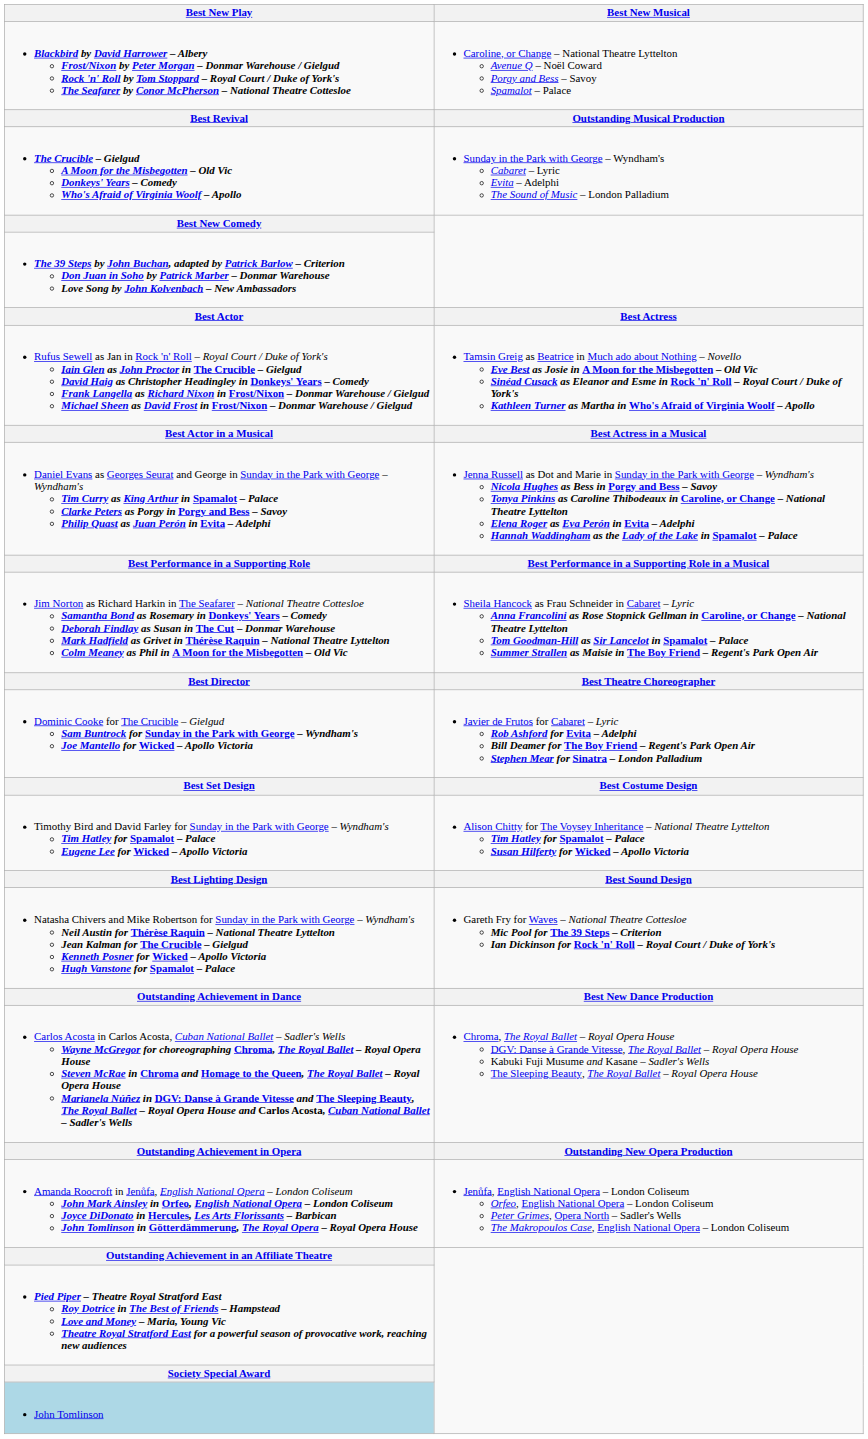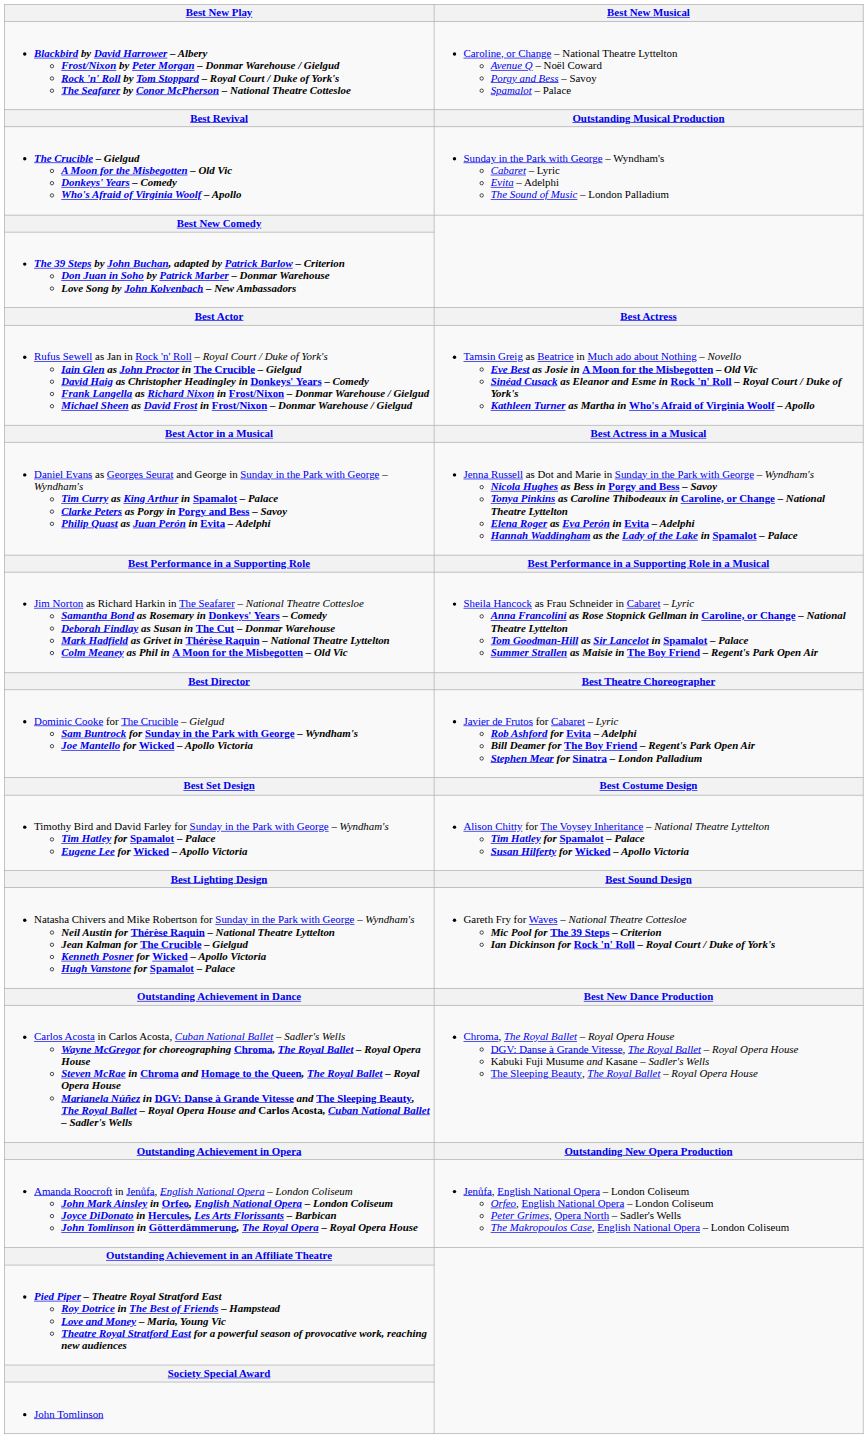 <table class=wikitable width="100%">
 <tr>
 <th width="50%"><a href='#'>Best New Play</a></th>
 <th width="50%"><a href='#'>Best New Musical</a></th>
 </tr>
 <tr>
 <td valign="top"><br><ul><li><strong><em><a href='#'>Blackbird</a><em> by <a href='#'>David Harrower</a> – Albery<strong><ul><li></em><a href='#'>Frost/Nixon</a><em> by <a href='#'>Peter Morgan</a> – Donmar Warehouse / Gielgud</li><li></em><a href='#'>Rock 'n' Roll</a><em> by <a href='#'>Tom Stoppard</a> – Royal Court / Duke of York's</li><li></em><a href='#'>The Seafarer</a><em> by <a href='#'>Conor McPherson</a> – National Theatre Cottesloe</li></ul></li></ul></td>
 <td valign="top"><br><ul><li></em></strong><a href='#'>Caroline, or Change</a></em> – National Theatre Lyttelton</strong><ul><li><em><a href='#'>Avenue Q</a></em> – Noël Coward</li><li><em><a href='#'>Porgy and Bess</a></em> – Savoy</li><li><em><a href='#'>Spamalot</a></em> – Palace</li></ul></li></ul></td>
 </tr>
 <tr>
 <th width="50%"><a href='#'>Best Revival</a></th>
 <th width="50%"><a href='#'>Outstanding Musical Production</a></th>
 </tr>
 <tr>
 <td valign="top"><br><ul><li><strong><em><a href='#'>The Crucible</a><em> – Gielgud<strong><ul><li></em><a href='#'>A Moon for the Misbegotten</a><em> – Old Vic</li><li></em><a href='#'>Donkeys' Years</a><em> – Comedy</li><li></em><a href='#'>Who's Afraid of Virginia Woolf</a><em> – Apollo</li></ul></li></ul></td>
 <td valign="top"><br><ul><li></em></strong><a href='#'>Sunday in the Park with George</a></em> – Wyndham's</strong><ul><li><em><a href='#'>Cabaret</a></em> – Lyric</li><li><em><a href='#'>Evita</a></em> – Adelphi</li><li><em><a href='#'>The Sound of Music</a></em> – London Palladium</li></ul></li></ul></td>
 </tr>
 <tr>
 <th colspan=1><a href='#'>Best New Comedy</a></th>
 </tr>
 <tr>
 <td><br><ul><li><strong><em><a href='#'>The 39 Steps</a><em> by <a href='#'>John Buchan</a>, adapted by <a href='#'>Patrick Barlow</a> – Criterion<strong><ul><li></em><a href='#'>Don Juan in Soho</a><em> by <a href='#'>Patrick Marber</a> – Donmar Warehouse</li><li></em>Love Song<em> by <a href='#'>John Kolvenbach</a> – New Ambassadors</li></ul></li></ul></td>
 </tr>
 <tr>
 <th width="50%"><a href='#'>Best Actor</a></th>
 <th width="50%"><a href='#'>Best Actress</a></th>
 </tr>
 <tr>
 <td valign="top"><br><ul><li></strong><a href='#'>Rufus Sewell</a> as Jan in </em><a href='#'>Rock 'n' Roll</a><em> – Royal Court / Duke of York's<strong><ul><li><a href='#'>Iain Glen</a> as <a href='#'>John Proctor</a> in </em><a href='#'>The Crucible</a><em> – Gielgud</li><li><a href='#'>David Haig</a> as Christopher Headingley in </em><a href='#'>Donkeys' Years</a><em> – Comedy</li><li><a href='#'>Frank Langella</a> as <a href='#'>Richard Nixon</a> in </em><a href='#'>Frost/Nixon</a><em> – Donmar Warehouse / Gielgud</li><li><a href='#'>Michael Sheen</a> as <a href='#'>David Frost</a> in </em><a href='#'>Frost/Nixon</a><em> – Donmar Warehouse / Gielgud</li></ul></li></ul></td>
 <td valign="top"><br><ul><li></strong><a href='#'>Tamsin Greig</a> as <a href='#'>Beatrice</a> in </em><a href='#'>Much ado about Nothing</a><em> – Novello<strong><ul><li><a href='#'>Eve Best</a> as Josie in </em><a href='#'>A Moon for the Misbegotten</a><em> – Old Vic</li><li><a href='#'>Sinéad Cusack</a> as Eleanor and Esme in </em><a href='#'>Rock 'n' Roll</a><em> – Royal Court / Duke of York's</li><li><a href='#'>Kathleen Turner</a> as Martha in </em><a href='#'>Who's Afraid of Virginia Woolf</a><em> – Apollo</li></ul></li></ul></td>
 </tr>
 <tr>
 <th width="50%"><a href='#'>Best Actor in a Musical</a></th>
 <th width="50%"><a href='#'>Best Actress in a Musical</a></th>
 </tr>
 <tr>
 <td valign="top"><br><ul><li></strong><a href='#'>Daniel Evans</a> as <a href='#'>Georges Seurat</a> and George in </em><a href='#'>Sunday in the Park with George</a><em> – Wyndham's<strong><ul><li><a href='#'>Tim Curry</a> as <a href='#'>King Arthur</a> in </em><a href='#'>Spamalot</a><em> – Palace</li><li><a href='#'>Clarke Peters</a> as Porgy in </em><a href='#'>Porgy and Bess</a><em> – Savoy</li><li><a href='#'>Philip Quast</a> as <a href='#'>Juan Perón</a> in </em><a href='#'>Evita</a><em> – Adelphi</li></ul></li></ul></td>
 <td valign="top"><br><ul><li></strong><a href='#'>Jenna Russell</a> as Dot and Marie in </em><a href='#'>Sunday in the Park with George</a><em> – Wyndham's<strong><ul><li><a href='#'>Nicola Hughes</a> as Bess in </em><a href='#'>Porgy and Bess</a><em> – Savoy</li><li><a href='#'>Tonya Pinkins</a> as Caroline Thibodeaux in </em><a href='#'>Caroline, or Change</a><em> – National Theatre Lyttelton</li><li><a href='#'>Elena Roger</a> as <a href='#'>Eva Perón</a> in </em><a href='#'>Evita</a><em> – Adelphi</li><li><a href='#'>Hannah Waddingham</a> as the <a href='#'>Lady of the Lake</a> in </em><a href='#'>Spamalot</a><em> – Palace</li></ul></li></ul></td>
 </tr>
 <tr>
 <th width="50%"><a href='#'>Best Performance in a Supporting Role</a></th>
 <th width="50%"><a href='#'>Best Performance in a Supporting Role in a Musical</a></th>
 </tr>
 <tr>
 <td valign="top"><br><ul><li></strong><a href='#'>Jim Norton</a> as Richard Harkin in </em><a href='#'>The Seafarer</a><em> – National Theatre Cottesloe<strong><ul><li><a href='#'>Samantha Bond</a> as Rosemary in </em><a href='#'>Donkeys' Years</a><em> – Comedy</li><li><a href='#'>Deborah Findlay</a> as Susan in </em><a href='#'>The Cut</a><em> – Donmar Warehouse</li><li><a href='#'>Mark Hadfield</a> as Grivet in </em><a href='#'>Thérèse Raquin</a><em> – National Theatre Lyttelton</li><li><a href='#'>Colm Meaney</a> as Phil in </em><a href='#'>A Moon for the Misbegotten</a><em> – Old Vic</li></ul></li></ul></td>
 <td valign="top"><br><ul><li></strong><a href='#'>Sheila Hancock</a> as Frau Schneider in </em><a href='#'>Cabaret</a><em> – Lyric<strong><ul><li><a href='#'>Anna Francolini</a> as Rose Stopnick Gellman in </em><a href='#'>Caroline, or Change</a><em> – National Theatre Lyttelton</li><li><a href='#'>Tom Goodman-Hill</a> as <a href='#'>Sir Lancelot</a> in </em><a href='#'>Spamalot</a><em> – Palace</li><li><a href='#'>Summer Strallen</a> as Maisie in </em><a href='#'>The Boy Friend</a><em> – Regent's Park Open Air</li></ul></li></ul></td>
 </tr>
 <tr>
 <th width="50%"><a href='#'>Best Director</a></th>
 <th width="50%"><a href='#'>Best Theatre Choreographer</a></th>
 </tr>
 <tr>
 <td valign="top"><br><ul><li></strong><a href='#'>Dominic Cooke</a> for </em><a href='#'>The Crucible</a><em> – Gielgud<strong><ul><li><a href='#'>Sam Buntrock</a> for </em><a href='#'>Sunday in the Park with George</a><em> – Wyndham's</li><li><a href='#'>Joe Mantello</a> for </em><a href='#'>Wicked</a><em> – Apollo Victoria</li></ul></li></ul></td>
 <td valign="top"><br><ul><li></strong><a href='#'>Javier de Frutos</a> for </em><a href='#'>Cabaret</a><em> – Lyric<strong><ul><li><a href='#'>Rob Ashford</a> for </em><a href='#'>Evita</a><em> – Adelphi</li><li>Bill Deamer for </em><a href='#'>The Boy Friend</a><em> – Regent's Park Open Air</li><li><a href='#'>Stephen Mear</a> for </em><a href='#'>Sinatra</a><em> – London Palladium</li></ul></li></ul></td>
 </tr>
 <tr>
 <th width="50%"><a href='#'>Best Set Design</a></th>
 <th width="50%"><a href='#'>Best Costume Design</a></th>
 </tr>
 <tr>
 <td valign="top"><br><ul><li></strong>Timothy Bird and David Farley for </em><a href='#'>Sunday in the Park with George</a><em> – Wyndham's<strong><ul><li><a href='#'>Tim Hatley</a> for </em><a href='#'>Spamalot</a><em> – Palace</li><li><a href='#'>Eugene Lee</a> for </em><a href='#'>Wicked</a><em> – Apollo Victoria</li></ul></li></ul></td>
 <td valign="top"><br><ul><li></strong><a href='#'>Alison Chitty</a> for </em><a href='#'>The Voysey Inheritance</a><em> – National Theatre Lyttelton<strong><ul><li><a href='#'>Tim Hatley</a> for </em><a href='#'>Spamalot</a><em> – Palace</li><li><a href='#'>Susan Hilferty</a> for </em><a href='#'>Wicked</a><em> – Apollo Victoria</li></ul></li></ul></td>
 </tr>
 <tr>
 <th width="50%"><a href='#'>Best Lighting Design</a></th>
 <th width="50%"><a href='#'>Best Sound Design</a></th>
 </tr>
 <tr>
 <td valign="top"><br><ul><li></strong>Natasha Chivers and Mike Robertson for </em><a href='#'>Sunday in the Park with George</a><em> – Wyndham's<strong><ul><li>Neil Austin for </em><a href='#'>Thérèse Raquin</a><em> – National Theatre Lyttelton</li><li>Jean Kalman for </em><a href='#'>The Crucible</a><em> – Gielgud</li><li><a href='#'>Kenneth Posner</a> for </em><a href='#'>Wicked</a><em> – Apollo Victoria</li><li><a href='#'>Hugh Vanstone</a> for </em><a href='#'>Spamalot</a><em> – Palace</li></ul></li></ul></td>
 <td valign="top"><br><ul><li></strong>Gareth Fry for </em><a href='#'>Waves</a><em> – National Theatre Cottesloe<strong><ul><li>Mic Pool for </em><a href='#'>The 39 Steps</a><em> – Criterion</li><li>Ian Dickinson for </em><a href='#'>Rock 'n' Roll</a><em> – Royal Court / Duke of York's</li></ul></li></ul></td>
 </tr>
 <tr>
 <th width="50%"><a href='#'>Outstanding Achievement in Dance</a></th>
 <th width="50%"><a href='#'>Best New Dance Production</a></th>
 </tr>
 <tr>
 <td valign="top"><br><ul><li></strong><a href='#'>Carlos Acosta</a> in </em>Carlos Acosta<em>, <a href='#'>Cuban National Ballet</a> – Sadler's Wells<strong><ul><li><a href='#'>Wayne McGregor</a> for choreographing </em><a href='#'>Chroma</a><em>, <a href='#'>The Royal Ballet</a> – Royal Opera House</li><li><a href='#'>Steven McRae</a> in </em><a href='#'>Chroma</a><em> and </em><a href='#'>Homage to the Queen</a><em>, <a href='#'>The Royal Ballet</a> – Royal Opera House</li><li><a href='#'>Marianela Núñez</a> in </em><a href='#'>DGV: Danse à Grande Vitesse</a><em> and </em><a href='#'>The Sleeping Beauty</a><em>, <a href='#'>The Royal Ballet</a>  – Royal Opera House and </em>Carlos Acosta<em>, <a href='#'>Cuban National Ballet</a> – Sadler's Wells</li></ul></li></ul></td>
 <td valign="top"><br><ul><li></em><a href='#'>Chroma</a><em>, <a href='#'>The Royal Ballet</a> – Royal Opera House<ul><li></em><a href='#'>DGV: Danse à Grande Vitesse</a><em>, <a href='#'>The Royal Ballet</a> – Royal Opera House</li><li></em>Kabuki<em> </em>Fuji Musume<em> and </em>Kasane<em> – Sadler's Wells</li><li></em><a href='#'>The Sleeping Beauty</a><em>, <a href='#'>The Royal Ballet</a>  – Royal Opera House</li></ul></li></ul></td>
 </tr>
 <tr>
 <th width="50%"><a href='#'>Outstanding Achievement in Opera</a></th>
 <th width="50%"><a href='#'>Outstanding New Opera Production</a></th>
 </tr>
 <tr>
 <td valign="top"><br><ul><li></strong><a href='#'>Amanda Roocroft</a> in </em><a href='#'>Jenůfa</a><em>, <a href='#'>English National Opera</a> – London Coliseum<strong><ul><li><a href='#'>John Mark Ainsley</a> in </em><a href='#'>Orfeo</a><em>, <a href='#'>English National Opera</a> – London Coliseum</li><li><a href='#'>Joyce DiDonato</a> in </em><a href='#'>Hercules</a><em>, <a href='#'>Les Arts Florissants</a> – Barbican</li><li><a href='#'>John Tomlinson</a> in </em><a href='#'>Götterdämmerung</a><em>, <a href='#'>The Royal Opera</a> – Royal Opera House</li></ul></li></ul></td>
 <td valign="top"><br><ul><li></em></strong><a href='#'>Jenůfa</a></em>, <a href='#'>English National Opera</a> – London Coliseum</strong><ul><li><em><a href='#'>Orfeo</a></em>, <a href='#'>English National Opera</a> – London Coliseum</li><li><em><a href='#'>Peter Grimes</a></em>, <a href='#'>Opera North</a> – Sadler's Wells</li><li><em><a href='#'>The Makropoulos Case</a></em>, <a href='#'>English National Opera</a> – London Coliseum</li></ul></li></ul></td>
 </tr>
 <tr>
 <th colspan=1><a href='#'>Outstanding Achievement in an Affiliate Theatre</a></th>
 </tr>
 <tr>
 <td><br><ul><li><strong><em><a href='#'>Pied Piper</a><em> – Theatre Royal Stratford East<strong><ul><li><a href='#'>Roy Dotrice</a> in </em><a href='#'>The Best of Friends</a><em> – Hampstead</li><li></em><a href='#'>Love and Money</a><em> – Maria, Young Vic</li><li><a href='#'>Theatre Royal Stratford East</a> for a powerful season of provocative work, reaching new audiences</li></ul></li></ul></td>
 </tr>
 <tr>
 <th colspan=1><a href='#'>Society Special Award</a></th>
 </tr>
 <tr>
-<td style="background: lightblue;"><br><ul><li></strong><a href='#'>John Tomlinson</a><strong></li></ul></td>
+<td><br><ul><li></strong><a href='#'>John Tomlinson</a><strong></li></ul></td>
 </tr>
 </table>
